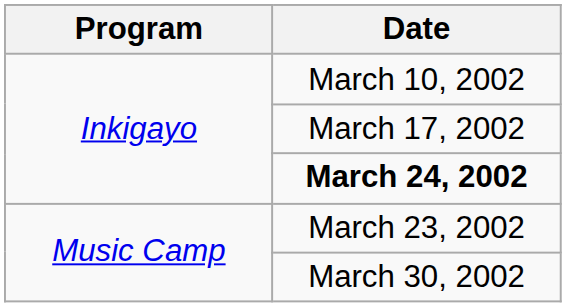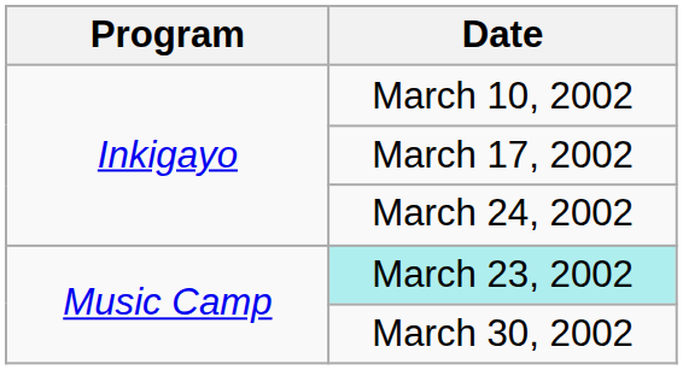 <table class="wikitable" style="text-align:center">
 <tr>
 <th width="130">Program</th>
 <th width="140">Date</th>
 </tr>
 <tr>
 <td rowspan="3"><em><a href='#'>Inkigayo</a></em></td>
 <td>March 10, 2002</td>
 </tr>
 <tr>
 <td>March 17, 2002</td>
 </tr>
 <tr>
-<td><strong>March 24, 2002</strong></td>
+<td>March 24, 2002</td>
 </tr>
 <tr>
 <td rowspan="2"><em><a href='#'>Music Camp</a></em></td>
-<td>March 23, 2002</td>
+<td style="background: paleturquoise;">March 23, 2002</td>
 </tr>
 <tr>
 <td>March 30, 2002</td>
 </tr>
 </table>
